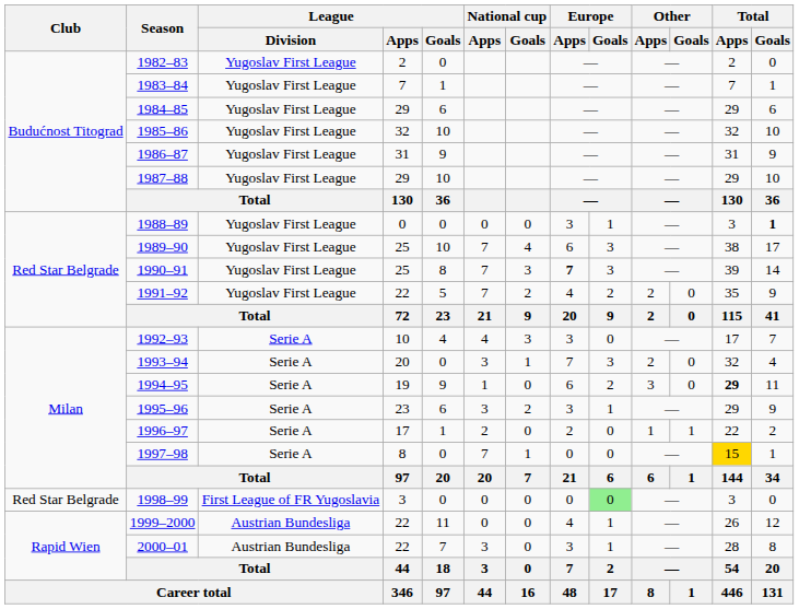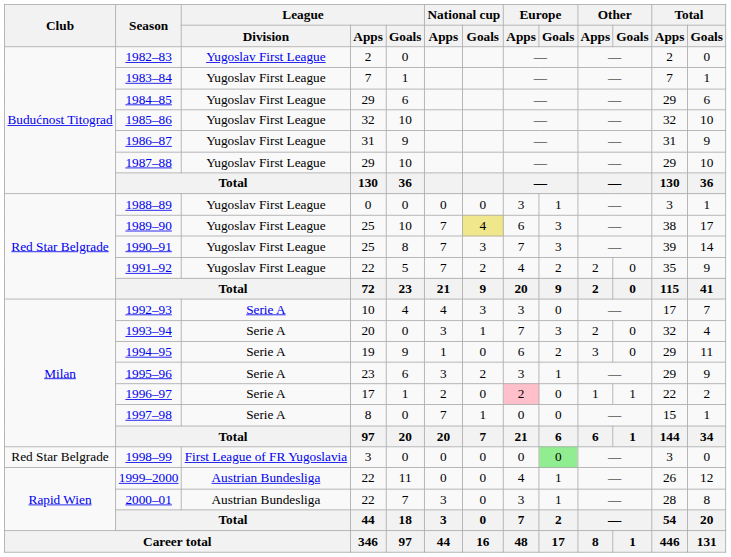 <table class="wikitable" style="text-align:center">
 <tr>
 <th rowspan="2">Club</th>
 <th rowspan="2">Season</th>
 <th colspan="3">League</th>
 <th colspan="2">National cup</th>
 <th colspan="2">Europe</th>
 <th colspan="2">Other</th>
 <th colspan="2">Total</th>
 </tr>
 <tr>
 <th>Division</th>
 <th>Apps</th>
 <th>Goals</th>
 <th>Apps</th>
 <th>Goals</th>
 <th>Apps</th>
 <th>Goals</th>
 <th>Apps</th>
 <th>Goals</th>
 <th>Apps</th>
 <th>Goals</th>
 </tr>
 <tr>
 <td rowspan="7"><a href='#'>Budućnost Titograd</a></td>
 <td><a href='#'>1982–83</a></td>
 <td><a href='#'>Yugoslav First League</a></td>
 <td>2</td>
 <td>0</td>
 <td></td>
 <td></td>
 <td colspan="2">—</td>
 <td colspan="2">—</td>
 <td>2</td>
 <td>0</td>
 </tr>
 <tr>
 <td><a href='#'>1983–84</a></td>
 <td>Yugoslav First League</td>
 <td>7</td>
 <td>1</td>
 <td></td>
 <td></td>
 <td colspan="2">—</td>
 <td colspan="2">—</td>
 <td>7</td>
 <td>1</td>
 </tr>
 <tr>
 <td><a href='#'>1984–85</a></td>
 <td>Yugoslav First League</td>
 <td>29</td>
 <td>6</td>
 <td></td>
 <td></td>
 <td colspan="2">—</td>
 <td colspan="2">—</td>
 <td>29</td>
 <td>6</td>
 </tr>
 <tr>
 <td><a href='#'>1985–86</a></td>
 <td>Yugoslav First League</td>
 <td>32</td>
 <td>10</td>
 <td></td>
 <td></td>
 <td colspan="2">—</td>
 <td colspan="2">—</td>
 <td>32</td>
 <td>10</td>
 </tr>
 <tr>
 <td><a href='#'>1986–87</a></td>
 <td>Yugoslav First League</td>
 <td>31</td>
 <td>9</td>
 <td></td>
 <td></td>
 <td colspan="2">—</td>
 <td colspan="2">—</td>
 <td>31</td>
 <td>9</td>
 </tr>
 <tr>
 <td><a href='#'>1987–88</a></td>
 <td>Yugoslav First League</td>
 <td>29</td>
 <td>10</td>
 <td></td>
 <td></td>
 <td colspan="2">—</td>
 <td colspan="2">—</td>
 <td>29</td>
 <td>10</td>
 </tr>
 <tr>
 <th colspan="2">Total</th>
 <th>130</th>
 <th>36</th>
 <th></th>
 <th></th>
 <th colspan="2">—</th>
 <th colspan="2">—</th>
 <th>130</th>
 <th>36</th>
 </tr>
 <tr>
 <td rowspan="5"><a href='#'>Red Star Belgrade</a></td>
 <td><a href='#'>1988–89</a></td>
 <td>Yugoslav First League</td>
 <td>0</td>
 <td>0</td>
 <td>0</td>
 <td>0</td>
 <td>3</td>
 <td>1</td>
 <td colspan="2">—</td>
 <td>3</td>
-<td><strong>1</strong></td>
+<td>1</td>
 </tr>
 <tr>
 <td><a href='#'>1989–90</a></td>
 <td>Yugoslav First League</td>
 <td>25</td>
 <td>10</td>
 <td>7</td>
-<td>4</td>
+<td style="background: khaki;">4</td>
 <td>6</td>
 <td>3</td>
 <td colspan="2">—</td>
 <td>38</td>
 <td>17</td>
 </tr>
 <tr>
 <td><a href='#'>1990–91</a></td>
 <td>Yugoslav First League</td>
 <td>25</td>
 <td>8</td>
 <td>7</td>
 <td>3</td>
-<td><strong>7</strong></td>
+<td>7</td>
 <td>3</td>
 <td colspan="2">—</td>
 <td>39</td>
 <td>14</td>
 </tr>
 <tr>
 <td><a href='#'>1991–92</a></td>
 <td>Yugoslav First League</td>
 <td>22</td>
 <td>5</td>
 <td>7</td>
 <td>2</td>
 <td>4</td>
 <td>2</td>
 <td>2</td>
 <td>0</td>
 <td>35</td>
 <td>9</td>
 </tr>
 <tr>
 <th colspan="2">Total</th>
 <th>72</th>
 <th>23</th>
 <th>21</th>
 <th>9</th>
 <th>20</th>
 <th>9</th>
 <th>2</th>
 <th>0</th>
 <th>115</th>
 <th>41</th>
 </tr>
 <tr>
 <td rowspan="7"><a href='#'>Milan</a></td>
 <td><a href='#'>1992–93</a></td>
 <td><a href='#'>Serie A</a></td>
 <td>10</td>
 <td>4</td>
 <td>4</td>
 <td>3</td>
 <td>3</td>
 <td>0</td>
 <td colspan="2">—</td>
 <td>17</td>
 <td>7</td>
 </tr>
 <tr>
 <td><a href='#'>1993–94</a></td>
 <td>Serie A</td>
 <td>20</td>
 <td>0</td>
 <td>3</td>
 <td>1</td>
 <td>7</td>
 <td>3</td>
 <td>2</td>
 <td>0</td>
 <td>32</td>
 <td>4</td>
 </tr>
 <tr>
 <td><a href='#'>1994–95</a></td>
 <td>Serie A</td>
 <td>19</td>
 <td>9</td>
 <td>1</td>
 <td>0</td>
 <td>6</td>
 <td>2</td>
 <td>3</td>
 <td>0</td>
-<td><strong>29</strong></td>
+<td>29</td>
 <td>11</td>
 </tr>
 <tr>
 <td><a href='#'>1995–96</a></td>
 <td>Serie A</td>
 <td>23</td>
 <td>6</td>
 <td>3</td>
 <td>2</td>
 <td>3</td>
 <td>1</td>
 <td colspan="2">—</td>
 <td>29</td>
 <td>9</td>
 </tr>
 <tr>
 <td><a href='#'>1996–97</a></td>
 <td>Serie A</td>
 <td>17</td>
 <td>1</td>
 <td>2</td>
 <td>0</td>
-<td>2</td>
+<td style="background: pink;">2</td>
 <td>0</td>
 <td>1</td>
 <td>1</td>
 <td>22</td>
 <td>2</td>
 </tr>
 <tr>
 <td><a href='#'>1997–98</a></td>
 <td>Serie A</td>
 <td>8</td>
 <td>0</td>
 <td>7</td>
 <td>1</td>
 <td>0</td>
 <td>0</td>
 <td colspan="2">—</td>
-<td style="background: gold;">15</td>
+<td>15</td>
 <td>1</td>
 </tr>
 <tr>
 <th colspan="2">Total</th>
 <th>97</th>
 <th>20</th>
 <th>20</th>
 <th>7</th>
 <th>21</th>
 <th>6</th>
 <th>6</th>
 <th>1</th>
 <th>144</th>
 <th>34</th>
 </tr>
 <tr>
 <td>Red Star Belgrade</td>
 <td><a href='#'>1998–99</a></td>
 <td><a href='#'>First League of FR Yugoslavia</a></td>
 <td>3</td>
 <td>0</td>
 <td>0</td>
 <td>0</td>
 <td>0</td>
 <td style="background: lightgreen;">0</td>
 <td colspan="2">—</td>
 <td>3</td>
 <td>0</td>
 </tr>
 <tr>
 <td rowspan="3"><a href='#'>Rapid Wien</a></td>
 <td><a href='#'>1999–2000</a></td>
 <td><a href='#'>Austrian Bundesliga</a></td>
 <td>22</td>
 <td>11</td>
 <td>0</td>
 <td>0</td>
 <td>4</td>
 <td>1</td>
 <td colspan="2">—</td>
 <td>26</td>
 <td>12</td>
 </tr>
 <tr>
 <td><a href='#'>2000–01</a></td>
 <td>Austrian Bundesliga</td>
 <td>22</td>
 <td>7</td>
 <td>3</td>
 <td>0</td>
 <td>3</td>
 <td>1</td>
 <td colspan="2">—</td>
 <td>28</td>
 <td>8</td>
 </tr>
 <tr>
 <th colspan="2">Total</th>
 <th>44</th>
 <th>18</th>
 <th>3</th>
 <th>0</th>
 <th>7</th>
 <th>2</th>
 <th colspan="2">—</th>
 <th>54</th>
 <th>20</th>
 </tr>
 <tr>
 <th colspan="3">Career total</th>
 <th>346</th>
 <th>97</th>
 <th>44</th>
 <th>16</th>
 <th>48</th>
 <th>17</th>
 <th>8</th>
 <th>1</th>
 <th>446</th>
 <th>131</th>
 </tr>
 </table>
